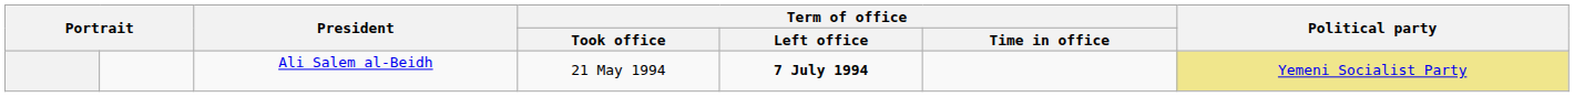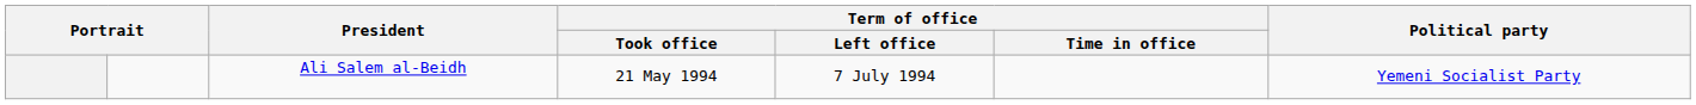 <table class="wikitable" style="text-align:center; border:1px #aaf solid; width:90%;">
 <tr>
 <th rowspan="2" colspan="2" width="80px">Portrait</th>
 <th rowspan="2">President<br></th>
 <th colspan="3">Term of office</th>
 <th rowspan="2">Political party</th>
 </tr>
 <tr>
 <th>Took office</th>
 <th>Left office</th>
 <th>Time in office</th>
 </tr>
 <tr>
 <th style="background:"></th>
 <td></td>
 <td><a href='#'>Ali Salem al-Beidh</a><br><br></td>
 <td>21 May 1994</td>
-<td><strong>7 July 1994</strong></td>
+<td>7 July 1994</td>
 <td></td>
-<td style="background: khaki;"><a href='#'>Yemeni Socialist Party</a></td>
+<td><a href='#'>Yemeni Socialist Party</a></td>
 </tr>
 </table>
